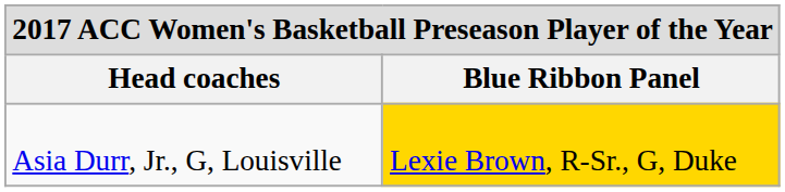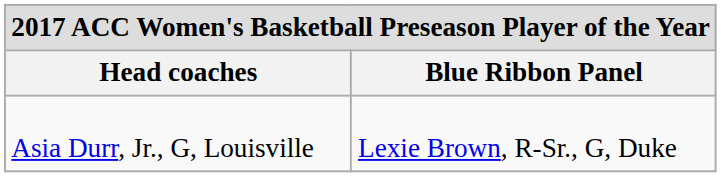 <table class="wikitable" style="white-space:nowrap; font-size:90%;">
 <tr>
 <td colspan="2" style="text-align:center; background:#ddd;"><strong>2017 ACC Women's Basketball Preseason Player of the Year</strong></td>
 </tr>
 <tr>
 <th>Head coaches</th>
 <th>Blue Ribbon Panel</th>
 </tr>
 <tr>
 <td><br><a href='#'>Asia Durr</a>, Jr., G, Louisville</td>
-<td style="background: gold;"><br><a href='#'>Lexie Brown</a>, R-Sr., G, Duke</td>
+<td><br><a href='#'>Lexie Brown</a>, R-Sr., G, Duke</td>
 </tr>
 </table>
